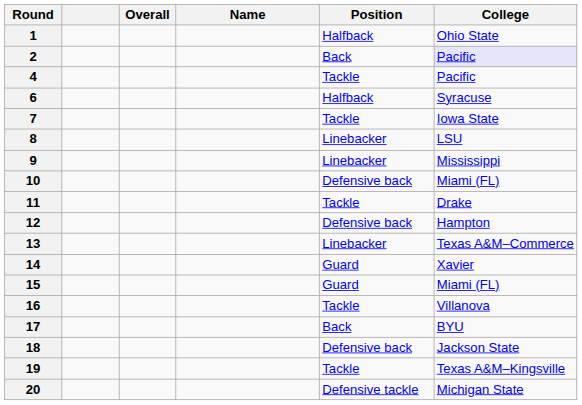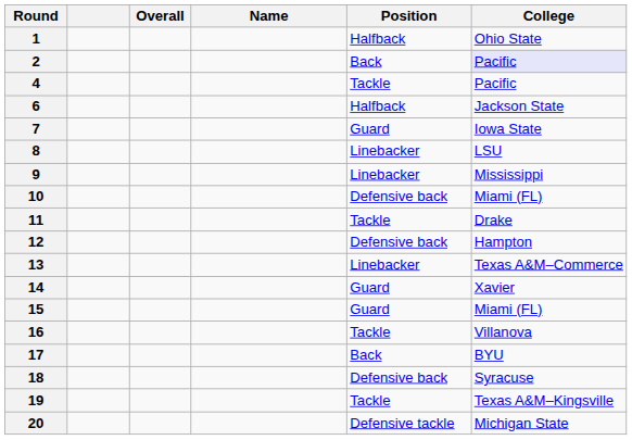 <table class="wikitable sortable">
 <tr>
 <th scope="col" style="width: 10%;">Round</th>
 <th scope="col" style="width: 10%;"></th>
 <th scope="col" style="width: 10%;">Overall</th>
 <th scope="col" style="width: 25%;">Name</th>
 <th scope="col" style="width: 20%;">Position</th>
 <th scope="col" style="width: 25%;">College</th>
 </tr>
 <tr>
 <th scope="row">1</th>
 <td></td>
 <td></td>
 <td></td>
 <td><a href='#'>Halfback</a></td>
 <td><a href='#'>Ohio State</a></td>
 </tr>
 <tr>
 <th scope="row">2</th>
 <td></td>
 <td></td>
 <td></td>
 <td><a href='#'>Back</a></td>
 <td style="background: lavender;"><a href='#'>Pacific</a></td>
 </tr>
 <tr>
 <th scope="row">4</th>
 <td></td>
 <td></td>
 <td></td>
 <td><a href='#'>Tackle</a></td>
 <td><a href='#'>Pacific</a></td>
 </tr>
 <tr>
 <th scope="row">6</th>
 <td></td>
 <td></td>
 <td></td>
 <td><a href='#'>Halfback</a></td>
-<td><a href='#'>Syracuse</a></td>
+<td><a href='#'>Jackson State</a></td>
 </tr>
 <tr>
 <th scope="row">7</th>
 <td></td>
 <td></td>
 <td></td>
-<td><a href='#'>Tackle</a></td>
+<td><a href='#'>Guard</a></td>
 <td><a href='#'>Iowa State</a></td>
 </tr>
 <tr>
 <th scope="row">8</th>
 <td></td>
 <td></td>
 <td></td>
 <td><a href='#'>Linebacker</a></td>
 <td><a href='#'>LSU</a></td>
 </tr>
 <tr>
 <th scope="row">9</th>
 <td></td>
 <td></td>
 <td></td>
 <td><a href='#'>Linebacker</a></td>
 <td><a href='#'>Mississippi</a></td>
 </tr>
 <tr>
 <th scope="row">10</th>
 <td></td>
 <td></td>
 <td></td>
 <td><a href='#'>Defensive back</a></td>
 <td><a href='#'>Miami (FL)</a></td>
 </tr>
 <tr>
 <th scope="row">11</th>
 <td></td>
 <td></td>
 <td></td>
 <td><a href='#'>Tackle</a></td>
 <td><a href='#'>Drake</a></td>
 </tr>
 <tr>
 <th scope="row">12</th>
 <td></td>
 <td></td>
 <td></td>
 <td><a href='#'>Defensive back</a></td>
 <td><a href='#'>Hampton</a></td>
 </tr>
 <tr>
 <th scope="row">13</th>
 <td></td>
 <td></td>
 <td></td>
 <td><a href='#'>Linebacker</a></td>
 <td><a href='#'>Texas A&M–Commerce</a></td>
 </tr>
 <tr>
 <th scope="row">14</th>
 <td></td>
 <td></td>
 <td></td>
 <td><a href='#'>Guard</a></td>
 <td><a href='#'>Xavier</a></td>
 </tr>
 <tr>
 <th scope="row">15</th>
 <td></td>
 <td></td>
 <td></td>
 <td><a href='#'>Guard</a></td>
 <td><a href='#'>Miami (FL)</a></td>
 </tr>
 <tr>
 <th scope="row">16</th>
 <td></td>
 <td></td>
 <td></td>
 <td><a href='#'>Tackle</a></td>
 <td><a href='#'>Villanova</a></td>
 </tr>
 <tr>
 <th scope="row">17</th>
 <td></td>
 <td></td>
 <td></td>
 <td><a href='#'>Back</a></td>
 <td><a href='#'>BYU</a></td>
 </tr>
 <tr>
 <th scope="row">18</th>
 <td></td>
 <td></td>
 <td></td>
 <td><a href='#'>Defensive back</a></td>
-<td><a href='#'>Jackson State</a></td>
+<td><a href='#'>Syracuse</a></td>
 </tr>
 <tr>
 <th scope="row">19</th>
 <td></td>
 <td></td>
 <td></td>
 <td><a href='#'>Tackle</a></td>
 <td><a href='#'>Texas A&M–Kingsville</a></td>
 </tr>
 <tr>
 <th scope="row">20</th>
 <td></td>
 <td></td>
 <td></td>
 <td><a href='#'>Defensive tackle</a></td>
 <td><a href='#'>Michigan State</a></td>
 </tr>
 </table>
